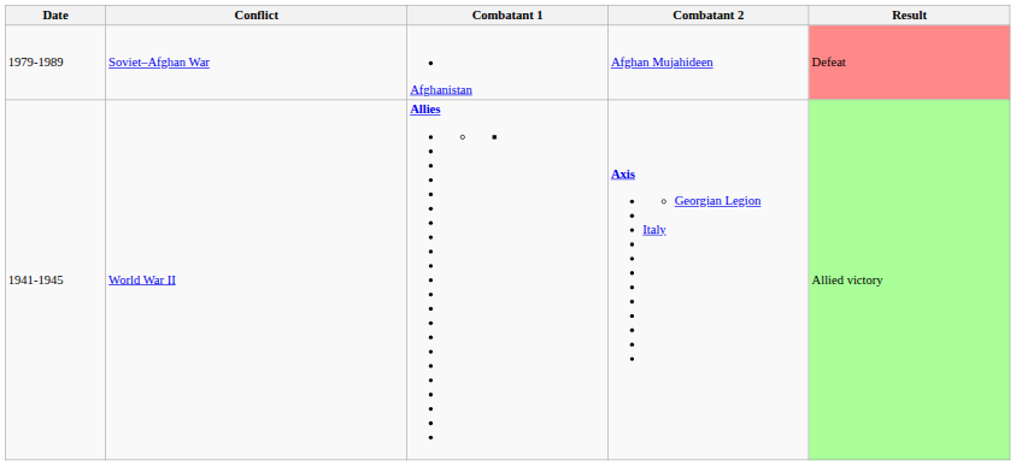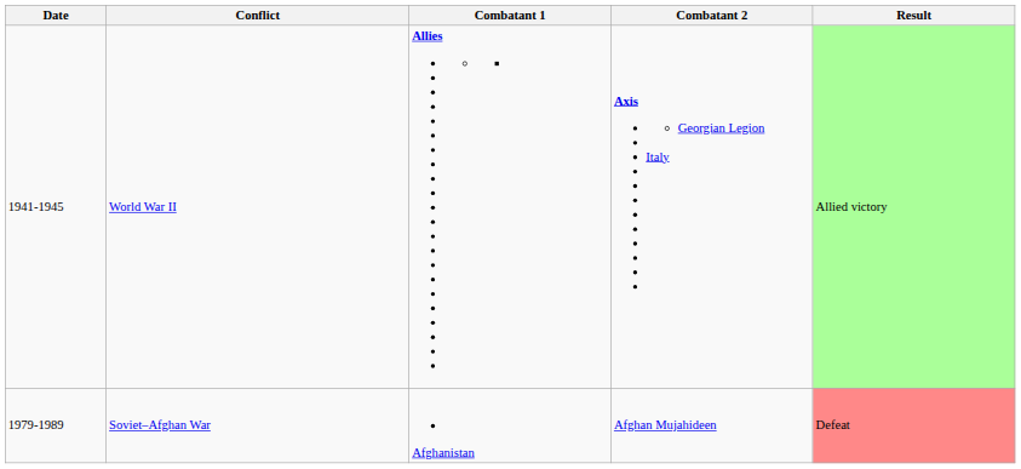 <table class="wikitable" style="width:100%;">
 <tr>
 <th style="width:10%;">Date</th>
 <th style="width:30%;">Conflict</th>
 <th style="width:20%;">Combatant 1</th>
 <th style="width:20%;">Combatant 2</th>
 <th style="width:20%;">Result</th>
 </tr>
 <tr>
+<td>1941-1945</td>
+<td><a href='#'>World War II</a></td>
+<td><strong><a href='#'>Allies</a></strong><br><ul><li><ul><li><ul><li></li></ul></li></ul></li><li></li><li></li><li></li><li></li><li></li><li></li><li></li><li></li><li></li><li></li><li></li><li></li><li></li><li></li><li></li><li></li><li></li><li></li><li></li><li></li><li></li></ul></td>
+<td><strong><a href='#'>Axis</a></strong><br><ul><li><ul><li> <a href='#'>Georgian Legion</a></li></ul></li><li></li><li>  <a href='#'>Italy</a></li><li></li><li></li><li></li><li></li><li></li><li></li><li></li><li></li><li></li></ul><br> </td>
+<td style="background:#AF9">Allied victory</td>
+</tr>
+<tr>
 <td>1979-1989</td>
 <td><a href='#'>Soviet–Afghan War</a></td>
 <td><br><ul><li></li></ul> <a href='#'>Afghanistan</a></td>
 <td> <a href='#'>Afghan Mujahideen</a></td>
 <td style="background:#F88">Defeat</td>
 </tr>
-<tr>
-<td>1941-1945</td>
-<td><a href='#'>World War II</a></td>
-<td><strong><a href='#'>Allies</a></strong><br><ul><li><ul><li><ul><li></li></ul></li></ul></li><li></li><li></li><li></li><li></li><li></li><li></li><li></li><li></li><li></li><li></li><li></li><li></li><li></li><li></li><li></li><li></li><li></li><li></li><li></li><li></li><li></li></ul></td>
-<td><strong><a href='#'>Axis</a></strong><br><ul><li><ul><li> <a href='#'>Georgian Legion</a></li></ul></li><li></li><li>  <a href='#'>Italy</a></li><li></li><li></li><li></li><li></li><li></li><li></li><li></li><li></li><li></li></ul><br> </td>
-<td style="background:#AF9">Allied victory</td>
-</tr>
 </table>
